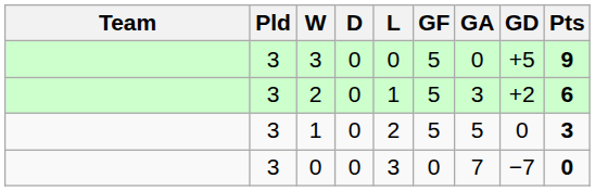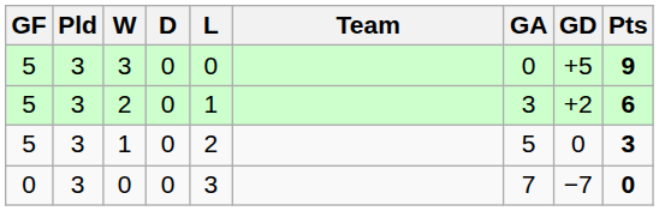 <table class=wikitable style="text-align:center">
 <tr>
-<th width=165>Team</th>
+<th width=20>GF</th>
 <th width=20>Pld</th>
 <th width=20>W</th>
 <th width=20>D</th>
 <th width=20>L</th>
-<th width=20>GF</th>
+<th width=165>Team</th>
 <th width=20>GA</th>
 <th width=20>GD</th>
 <th width=20>Pts</th>
 </tr>
 <tr bgcolor=#ccffcc>
-<td align=left></td>
+<td>5</td>
 <td>3</td>
 <td>3</td>
 <td>0</td>
 <td>0</td>
-<td>5</td>
+<td align=left></td>
 <td>0</td>
 <td>+5</td>
 <td><strong>9</strong></td>
 </tr>
 <tr bgcolor=#ccffcc>
-<td align=left></td>
+<td>5</td>
 <td>3</td>
 <td>2</td>
 <td>0</td>
 <td>1</td>
-<td>5</td>
+<td align=left></td>
 <td>3</td>
 <td>+2</td>
 <td><strong>6</strong></td>
 </tr>
 <tr>
-<td align=left></td>
+<td>5</td>
 <td>3</td>
 <td>1</td>
 <td>0</td>
 <td>2</td>
-<td>5</td>
+<td align=left></td>
 <td>5</td>
 <td>0</td>
 <td><strong>3</strong></td>
 </tr>
 <tr>
-<td align=left></td>
+<td>0</td>
 <td>3</td>
 <td>0</td>
 <td>0</td>
 <td>3</td>
-<td>0</td>
+<td align=left></td>
 <td>7</td>
 <td>−7</td>
 <td><strong>0</strong></td>
 </tr>
 </table>
